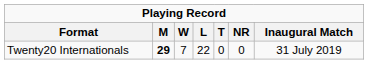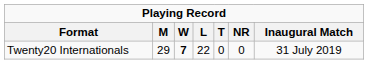 <table class="wikitable" style="text-align: center; width: 500px;">
 <tr>
 <td colspan=7 align="center"><strong>Playing Record</strong></td>
 </tr>
 <tr>
 <th>Format</th>
 <th>M</th>
 <th>W</th>
 <th>L</th>
 <th>T</th>
 <th>NR</th>
 <th>Inaugural Match</th>
 </tr>
 <tr>
 <td align="left">Twenty20 Internationals</td>
-<td><strong>29</strong></td>
-<td>7</td>
+<td>29</td>
+<td><strong>7</strong></td>
 <td>22</td>
 <td>0</td>
 <td>0</td>
 <td>31 July 2019</td>
 </tr>
 </table>
